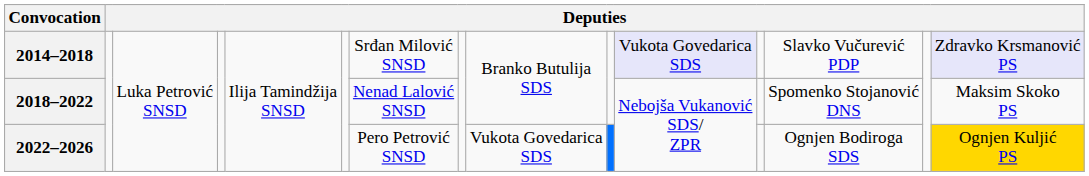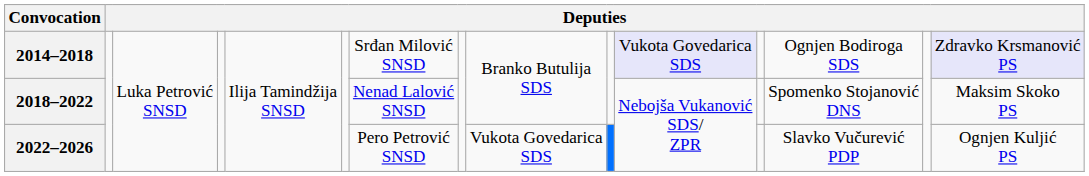 <table class="wikitable" style="text-align:center">
 <tr>
 <th>Convocation</th>
 <th colspan=14>Deputies</th>
 </tr>
 <tr>
 <th>2014–2018</th>
 <td rowspan=3; style="background-color: "></td>
 <td rowspan=3>Luka Petrović<br><a href='#'>SNSD</a></td>
 <td rowspan=3; style="background-color: "></td>
 <td rowspan=3>Ilija Tamindžija<br><a href='#'>SNSD</a></td>
 <td rowspan=3; style="background-color: "></td>
 <td>Srđan Milović<br><a href='#'>SNSD</a></td>
 <td rowspan=3; style="background-color: "></td>
 <td rowspan=2>Branko Butulija<br><a href='#'>SDS</a></td>
 <td rowspan=2; style="background-color: "></td>
 <td style="background: lavender;">Vukota Govedarica<br><a href='#'>SDS</a></td>
 <td rowspan=1; style="background-color: "></td>
-<td>Slavko Vučurević<br><a href='#'>PDP</a></td>
+<td>Ognjen Bodiroga<br><a href='#'>SDS</a></td>
 <td rowspan=3; style="background-color: "></td>
 <td style="background: lavender;">Zdravko Krsmanović<br><a href='#'>PS</a></td>
 </tr>
 <tr>
 <th>2018–2022</th>
 <td><a href='#'>Nenad Lalović</a><br><a href='#'>SNSD</a></td>
 <td rowspan=2><a href='#'>Nebojša Vukanović</a><br><a href='#'>SDS</a>/<br><a href='#'>ZPR</a></td>
 <td rowspan=1; style="background-color: "></td>
 <td>Spomenko Stojanović<br><a href='#'>DNS</a></td>
 <td>Maksim Skoko<br><a href='#'>PS</a></td>
 </tr>
 <tr>
 <th>2022–2026</th>
 <td>Pero Petrović<br><a href='#'>SNSD</a></td>
 <td>Vukota Govedarica<br><a href='#'>SDS</a></td>
 <td rowspan=1; style="background-color: #0070FF"></td>
 <td rowspan=1; style="background-color: "></td>
-<td>Ognjen Bodiroga<br><a href='#'>SDS</a></td>
-<td style="background: gold;">Ognjen Kuljić<br><a href='#'>PS</a></td>
+<td>Slavko Vučurević<br><a href='#'>PDP</a></td>
+<td>Ognjen Kuljić<br><a href='#'>PS</a></td>
 </tr>
 </table>
